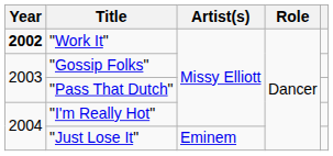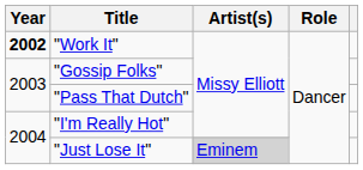 <table class="wikitable">
 <tr>
 <th>Year</th>
 <th>Title</th>
 <th>Artist(s)</th>
 <th>Role</th>
 <th></th>
 </tr>
 <tr>
 <td><strong>2002</strong></td>
 <td>"<a href='#'>Work It</a>"</td>
 <td rowspan=4><a href='#'>Missy Elliott</a></td>
 <td rowspan=5>Dancer</td>
 <td></td>
 </tr>
 <tr>
 <td rowspan=2>2003</td>
 <td>"<a href='#'>Gossip Folks</a>"</td>
 <td></td>
 </tr>
 <tr>
 <td>"<a href='#'>Pass That Dutch</a>"</td>
 <td></td>
 </tr>
 <tr>
 <td rowspan=2>2004</td>
 <td>"<a href='#'>I'm Really Hot</a>"</td>
 <td></td>
 </tr>
 <tr>
 <td>"<a href='#'>Just Lose It</a>"</td>
-<td><a href='#'>Eminem</a></td>
+<td style="background: lightgrey;"><a href='#'>Eminem</a></td>
 <td></td>
 </tr>
 </table>
